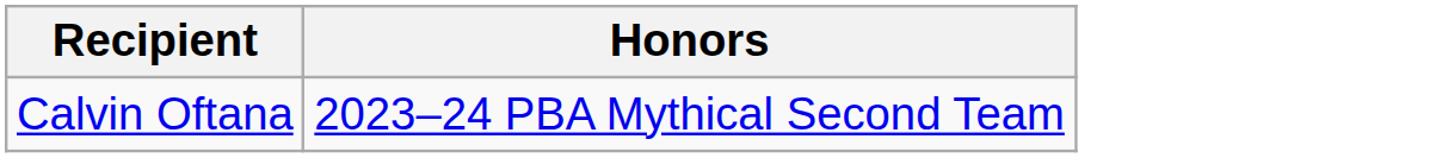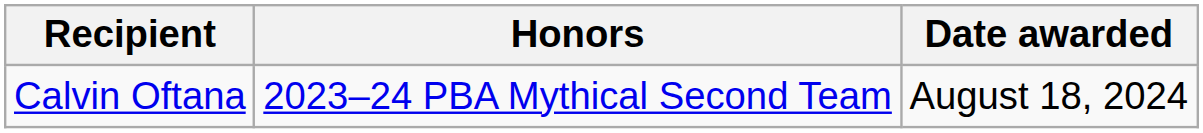 <table class="wikitable sortable sortable" style="text-align: center">
 <tr>
 <th>Recipient</th>
 <th>Honors</th>
+<th>Date awarded</th>
 </tr>
 <tr>
 <td><a href='#'>Calvin Oftana</a></td>
 <td><a href='#'>2023–24 PBA Mythical Second Team</a></td>
+<td>August 18, 2024</td>
 </tr>
 </table>
